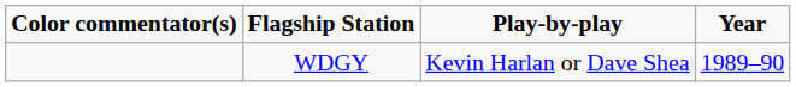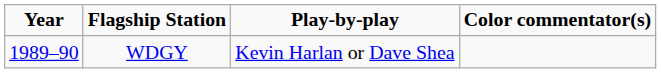 <table class="wikitable" style="text-align:center">
 <tr>
-<td><strong>Color commentator(s)</strong></td>
+<td><strong>Year</strong></td>
 <td><strong>Flagship Station</strong></td>
 <td><strong>Play-by-play</strong></td>
-<td><strong>Year</strong></td>
+<td><strong>Color commentator(s)</strong></td>
 </tr>
 <tr>
-<td></td>
+<td><a href='#'>1989–90</a></td>
 <td><a href='#'>WDGY</a></td>
 <td><a href='#'>Kevin Harlan</a> or <a href='#'>Dave Shea</a></td>
-<td><a href='#'>1989–90</a></td>
+<td></td>
 </tr>
 </table>
